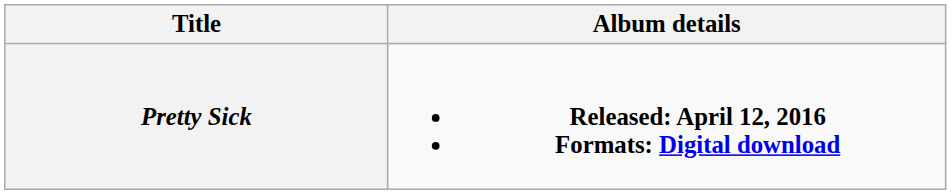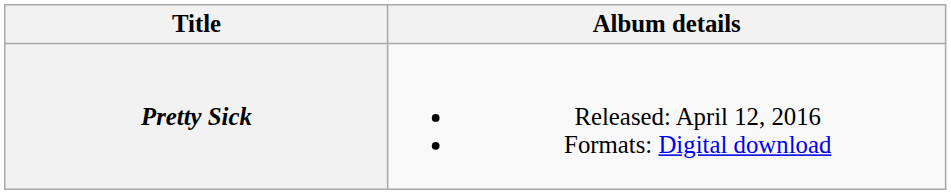 <table class="wikitable plainrowheaders" style="text-align:center;">
 <tr>
 <th scope="col" style="width:15em;">Title</th>
 <th scope="col" style="width:22em;">Album details</th>
 </tr>
 <tr>
 <th scope="row"><em>Pretty Sick</em></th>
-<td><strong><br><ul><li>Released: April 12, 2016</li><li>Formats: <a href='#'>Digital download</a></li></ul></strong></td>
+<td><br><ul><li>Released: April 12, 2016</li><li>Formats: <a href='#'>Digital download</a></li></ul></td>
 </tr>
 </table>
